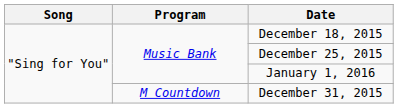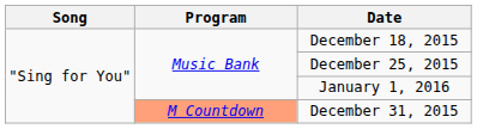 <table class="wikitable">
 <tr>
 <th>Song</th>
 <th style="width:140px;">Program</th>
 <th style="width:150px;">Date</th>
 </tr>
 <tr>
 <td rowspan="4" style="text-align:center;">"Sing for You"</td>
 <td rowspan="3" style="text-align:center;"><em><a href='#'>Music Bank</a></em></td>
 <td style="text-align:center;">December 18, 2015</td>
 </tr>
 <tr>
 <td style="text-align:center;">December 25, 2015</td>
 </tr>
 <tr>
 <td style="text-align:center;">January 1, 2016</td>
 </tr>
 <tr>
-<td style="text-align:center;"><em><a href='#'>M Countdown</a></em></td>
+<td style="background: lightsalmon; text-align:center;"><em><a href='#'>M Countdown</a></em></td>
 <td style="text-align:center;">December 31, 2015</td>
 </tr>
 </table>
